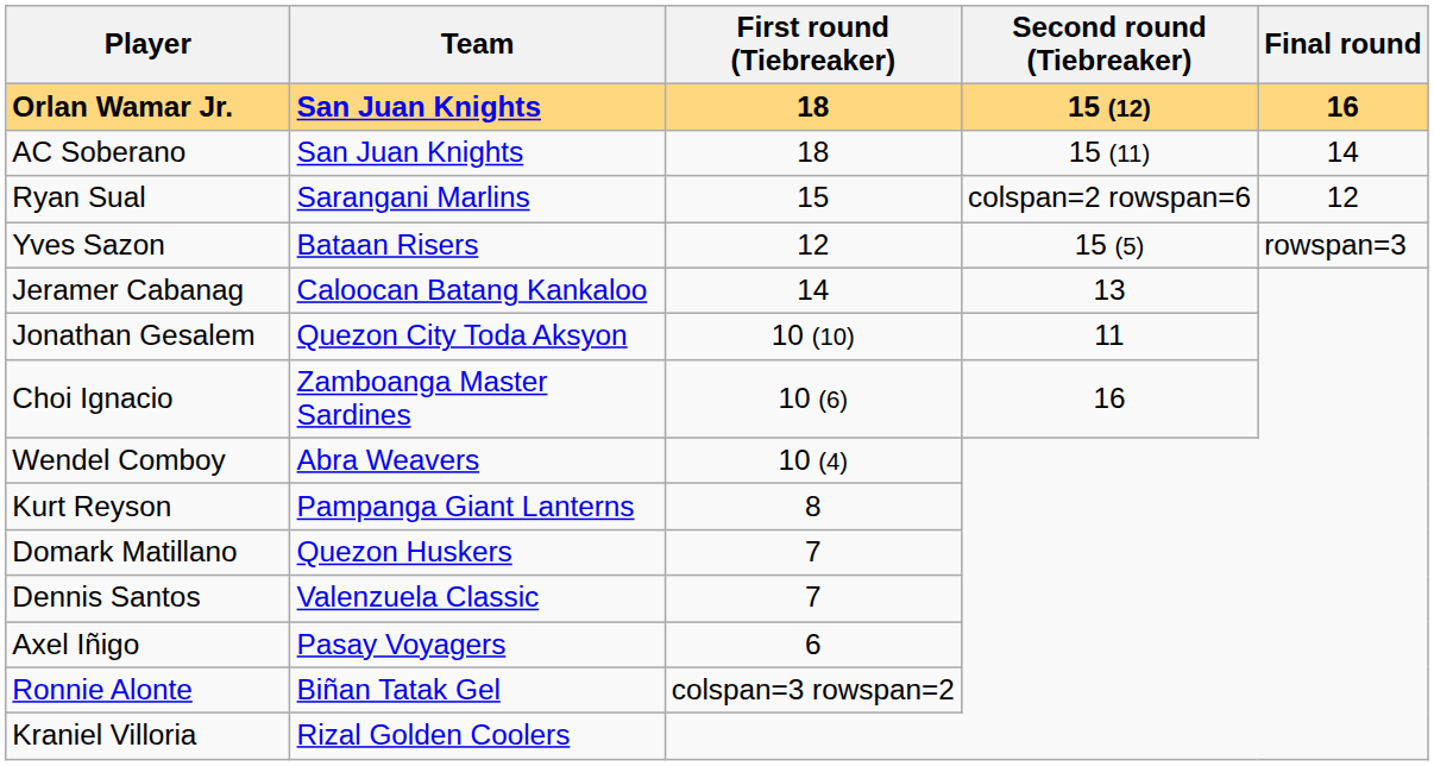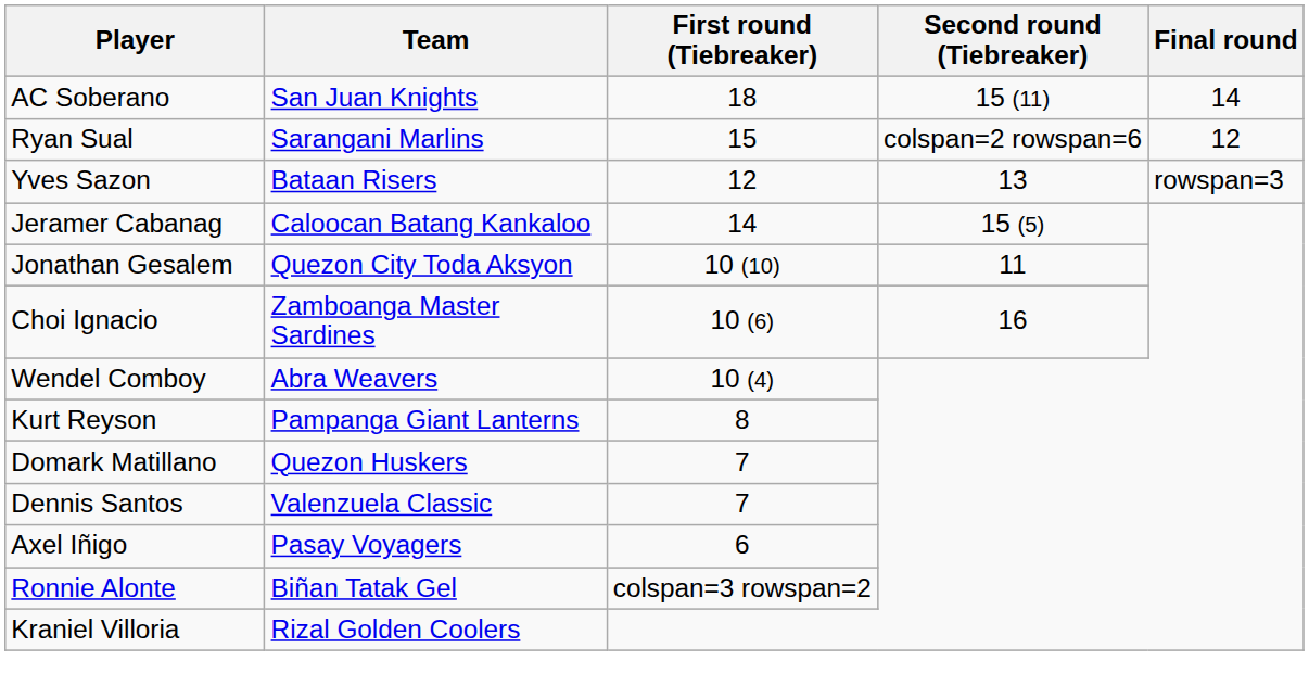 <table class="wikitable">
 <tr>
 <th width=150>Player</th>
 <th width=200>Team</th>
 <th>First round <br> (Tiebreaker)</th>
 <th>Second round <br> (Tiebreaker)</th>
 <th>Final round</th>
-</tr>
-<tr bgcolor=#FFD77F>
-<td><strong>Orlan Wamar Jr.</strong></td>
-<td><strong><a href='#'>San Juan Knights</a></strong></td>
-<td align=center><strong>18</strong></td>
-<td align=center><strong>15 <small>(12)</small></strong></td>
-<td align=center><strong>16</strong></td>
 </tr>
 <tr>
 <td>AC Soberano</td>
 <td><a href='#'>San Juan Knights</a></td>
 <td align=center>18</td>
 <td align=center>15 <small>(11)</small></td>
 <td align=center>14</td>
 </tr>
 <tr>
 <td>Ryan Sual</td>
 <td><a href='#'>Sarangani Marlins</a></td>
 <td align=center>15</td>
 <td>colspan=2 rowspan=6 </td>
 <td align=center>12</td>
 </tr>
 <tr>
 <td>Yves Sazon</td>
 <td><a href='#'>Bataan Risers</a></td>
 <td align=center>12</td>
-<td align=center>15 <small>(5)</small></td>
+<td align=center>13</td>
 <td>rowspan=3 </td>
 </tr>
 <tr>
 <td>Jeramer Cabanag</td>
 <td><a href='#'>Caloocan Batang Kankaloo</a></td>
 <td align=center>14</td>
-<td align=center>13</td>
+<td align=center>15 <small>(5)</small></td>
 </tr>
 <tr>
 <td>Jonathan Gesalem</td>
 <td><a href='#'>Quezon City Toda Aksyon</a></td>
 <td align=center>10 <small>(10)</small></td>
 <td align=center>11</td>
 </tr>
 <tr>
 <td>Choi Ignacio</td>
 <td><a href='#'>Zamboanga Master Sardines</a></td>
 <td align=center>10 <small>(6)</small></td>
 <td align=center>16</td>
 </tr>
 <tr>
 <td>Wendel Comboy</td>
 <td><a href='#'>Abra Weavers</a></td>
 <td align=center>10 <small>(4)</small></td>
 </tr>
 <tr>
 <td>Kurt Reyson</td>
 <td><a href='#'>Pampanga Giant Lanterns</a></td>
 <td align=center>8</td>
 </tr>
 <tr>
 <td>Domark Matillano</td>
 <td><a href='#'>Quezon Huskers</a></td>
 <td align=center>7</td>
 </tr>
 <tr>
 <td>Dennis Santos</td>
 <td><a href='#'>Valenzuela Classic</a></td>
 <td align=center>7</td>
 </tr>
 <tr>
 <td>Axel Iñigo</td>
 <td><a href='#'>Pasay Voyagers</a></td>
 <td align=center>6</td>
 </tr>
 <tr>
 <td><a href='#'>Ronnie Alonte</a></td>
 <td><a href='#'>Biñan Tatak Gel</a></td>
 <td>colspan=3 rowspan=2 </td>
 </tr>
 <tr>
 <td>Kraniel Villoria</td>
 <td><a href='#'>Rizal Golden Coolers</a></td>
 </tr>
 </table>
